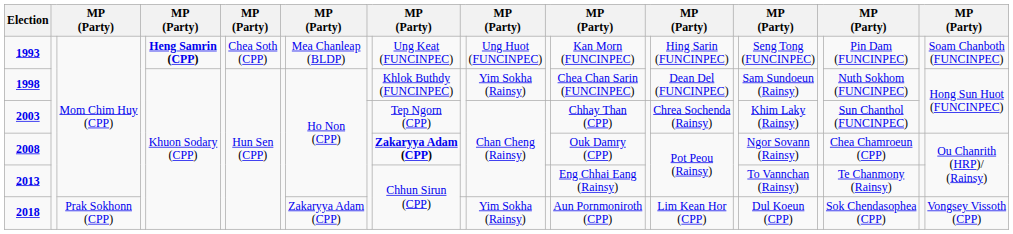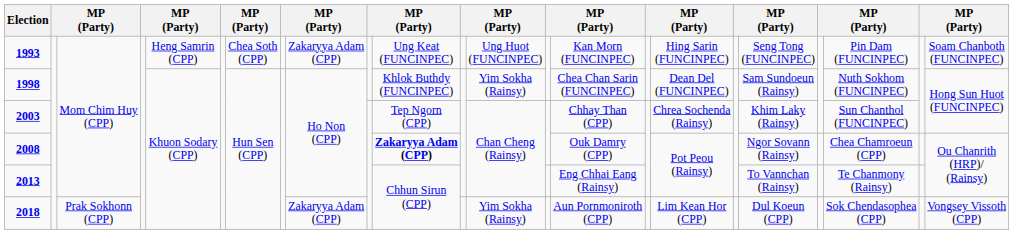 <table class="wikitable" style="text-align:center">
 <tr>
 <th>Election</th>
 <th colspan=2>MP<br>(Party)</th>
 <th colspan=2>MP<br>(Party)</th>
 <th colspan=2>MP<br>(Party)</th>
 <th colspan=2>MP<br>(Party)</th>
 <th colspan=2>MP<br>(Party)</th>
 <th colspan=2>MP<br>(Party)</th>
 <th colspan=2>MP<br>(Party)</th>
 <th colspan=2>MP<br>(Party)</th>
 <th colspan=2>MP<br>(Party)</th>
 <th colspan=2>MP<br>(Party)</th>
 <th colspan=2>MP<br>(Party)</th>
 </tr>
 <tr>
 <td><strong><a href='#'>1993</a></strong></td>
 <td rowspan=6; style="background-color: "></td>
 <td rowspan=5><a href='#'>Mom Chim Huy</a><br>(<a href='#'>CPP</a>)</td>
 <td rowspan=6; style="background-color: "></td>
-<td rowspan=1><strong><a href='#'>Heng Samrin</a><br>(<a href='#'>CPP</a>)</strong></td>
+<td rowspan=1><a href='#'>Heng Samrin</a><br>(<a href='#'>CPP</a>)</td>
 <td rowspan=6; style="background-color: "></td>
 <td rowspan=1><a href='#'>Chea Soth</a><br>(<a href='#'>CPP</a>)</td>
 <td rowspan=1; style="background-color: "></td>
-<td rowspan=1><a href='#'>Mea Chanleap</a><br>(<a href='#'>BLDP</a>)</td>
+<td rowspan=1><a href='#'>Zakaryya Adam</a><br>(<a href='#'>CPP</a>)</td>
 <td rowspan=2; style="background-color: "></td>
 <td rowspan=1><a href='#'>Ung Keat</a><br>(<a href='#'>FUNCINPEC</a>)</td>
 <td rowspan=1; style="background-color: "></td>
 <td rowspan=1><a href='#'>Ung Huot</a><br>(<a href='#'>FUNCINPEC</a>)</td>
 <td rowspan=2; style="background-color: "></td>
 <td rowspan=1><a href='#'>Kan Morn</a><br>(<a href='#'>FUNCINPEC</a>)</td>
 <td rowspan=2; style="background-color: "></td>
 <td rowspan=1><a href='#'>Hing Sarin</a><br>(<a href='#'>FUNCINPEC</a>)</td>
 <td rowspan=1; style="background-color: "></td>
 <td rowspan=1><a href='#'>Seng Tong</a><br>(<a href='#'>FUNCINPEC</a>)</td>
 <td rowspan=3; style="background-color: "></td>
 <td rowspan=1><a href='#'>Pin Dam</a><br>(<a href='#'>FUNCINPEC</a>)</td>
 <td rowspan=3; style="background-color: "></td>
 <td rowspan=1><a href='#'>Soam Chanboth</a><br>(<a href='#'>FUNCINPEC</a>)</td>
 </tr>
 <tr>
 <td><strong><a href='#'>1998</a></strong></td>
 <td rowspan=5><a href='#'>Khuon Sodary</a><br>(<a href='#'>CPP</a>)</td>
 <td rowspan=5><a href='#'>Hun Sen</a><br>(<a href='#'>CPP</a>)</td>
 <td rowspan=5; style="background-color: "></td>
 <td rowspan=4><a href='#'>Ho Non</a><br>(<a href='#'>CPP</a>)</td>
 <td rowspan=1><a href='#'>Khlok Buthdy</a><br>(<a href='#'>FUNCINPEC</a>)</td>
 <td rowspan=4; style="background-color: "></td>
 <td rowspan=1><a href='#'>Yim Sokha</a><br>(<a href='#'>Rainsy</a>)</td>
 <td rowspan=1><a href='#'>Chea Chan Sarin</a><br>(<a href='#'>FUNCINPEC</a>)</td>
 <td rowspan=1><a href='#'>Dean Del</a><br>(<a href='#'>FUNCINPEC</a>)</td>
 <td rowspan=4; style="background-color: "></td>
 <td rowspan=1><a href='#'>Sam Sundoeun</a><br>(<a href='#'>Rainsy</a>)</td>
 <td rowspan=1><a href='#'>Nuth Sokhom</a><br>(<a href='#'>FUNCINPEC</a>)</td>
 <td rowspan=2><a href='#'>Hong Sun Huot</a><br>(<a href='#'>FUNCINPEC</a>)</td>
 </tr>
 <tr>
 <td><strong><a href='#'>2003</a></strong></td>
 <td rowspan=4; style="background-color: "></td>
 <td rowspan=1><a href='#'>Tep Ngorn</a><br>(<a href='#'>CPP</a>)</td>
 <td rowspan=3><a href='#'>Chan Cheng</a><br>(<a href='#'>Rainsy</a>)</td>
 <td rowspan=2; style="background-color: "></td>
 <td rowspan=1><a href='#'>Chhay Than</a><br>(<a href='#'>CPP</a>)</td>
 <td rowspan=3; style="background-color: "></td>
 <td rowspan=1><a href='#'>Chrea Sochenda</a><br>(<a href='#'>Rainsy</a>)</td>
 <td rowspan=1><a href='#'>Khim Laky</a><br>(<a href='#'>Rainsy</a>)</td>
 <td rowspan=1><a href='#'>Sun Chanthol</a><br>(<a href='#'>FUNCINPEC</a>)</td>
 </tr>
 <tr>
 <td><strong><a href='#'>2008</a></strong></td>
 <td rowspan=1><strong><a href='#'>Zakaryya Adam</a><br>(<a href='#'>CPP</a>)</strong></td>
 <td rowspan=1><a href='#'>Ouk Damry</a><br>(<a href='#'>CPP</a>)</td>
 <td rowspan=2><a href='#'>Pot Peou</a><br>(<a href='#'>Rainsy</a>)</td>
 <td rowspan=1><a href='#'>Ngor Sovann</a><br>(<a href='#'>Rainsy</a>)</td>
 <td rowspan=1; style="background-color: "></td>
 <td rowspan=1><a href='#'>Chea Chamroeun</a><br>(<a href='#'>CPP</a>)</td>
 <td rowspan=1; style="background-color: "></td>
 <td rowspan=2><a href='#'>Ou Chanrith</a><br>(<a href='#'>HRP</a>)/<br>(<a href='#'>Rainsy</a>)</td>
 </tr>
 <tr>
 <td><strong><a href='#'>2013</a></strong></td>
 <td rowspan=2><a href='#'>Chhun Sirun</a><br>(<a href='#'>CPP</a>)</td>
 <td rowspan=1; style="background-color: "></td>
 <td rowspan=1><a href='#'>Eng Chhai Eang</a><br>(<a href='#'>Rainsy</a>)</td>
 <td rowspan=1><a href='#'>To Vannchan</a><br>(<a href='#'>Rainsy</a>)</td>
 <td rowspan=1; style="background-color: "></td>
 <td rowspan=1><a href='#'>Te Chanmony</a><br>(<a href='#'>Rainsy</a>)</td>
 <td rowspan=1; style="background-color: "></td>
 </tr>
 <tr>
 <td><strong><a href='#'>2018</a></strong></td>
 <td rowspan=1><a href='#'>Prak Sokhonn</a><br>(<a href='#'>CPP</a>)</td>
 <td rowspan=1><a href='#'>Zakaryya Adam</a><br>(<a href='#'>CPP</a>)</td>
 <td rowspan=1; style="background-color: "></td>
 <td rowspan=1><a href='#'>Yim Sokha</a><br>(<a href='#'>Rainsy</a>)</td>
 <td rowspan=1; style="background-color: "></td>
 <td rowspan=1><a href='#'>Aun Pornmoniroth</a><br>(<a href='#'>CPP</a>)</td>
 <td rowspan=1; style="background-color: "></td>
 <td rowspan=1><a href='#'>Lim Kean Hor</a><br>(<a href='#'>CPP</a>)</td>
 <td rowspan=1; style="background-color: "></td>
 <td rowspan=1><a href='#'>Dul Koeun</a><br>(<a href='#'>CPP</a>)</td>
 <td rowspan=1; style="background-color: "></td>
 <td rowspan=1><a href='#'>Sok Chendasophea</a><br>(<a href='#'>CPP</a>)</td>
 <td rowspan=1; style="background-color: "></td>
 <td rowspan=1><a href='#'>Vongsey Vissoth</a><br>(<a href='#'>CPP</a>)</td>
 </tr>
 </table>
